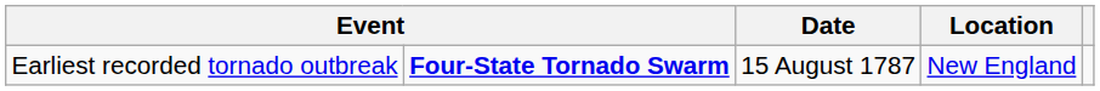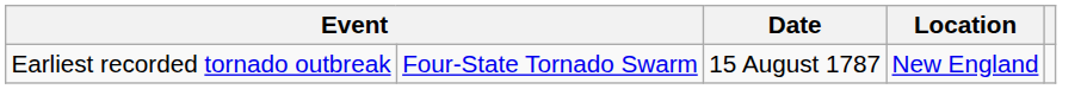 <table class="wikitable" style="font-size: 95%;text-align:left;">
 <tr>
 <th colspan="2">Event</th>
 <th>Date</th>
 <th>Location</th>
 <th></th>
 </tr>
 <tr>
 <td>Earliest recorded <a href='#'>tornado outbreak</a></td>
-<td><strong><a href='#'>Four-State Tornado Swarm</a></strong></td>
+<td><a href='#'>Four-State Tornado Swarm</a></td>
 <td>15 August 1787</td>
 <td><a href='#'>New England</a></td>
 <td></td>
 </tr>
 </table>
